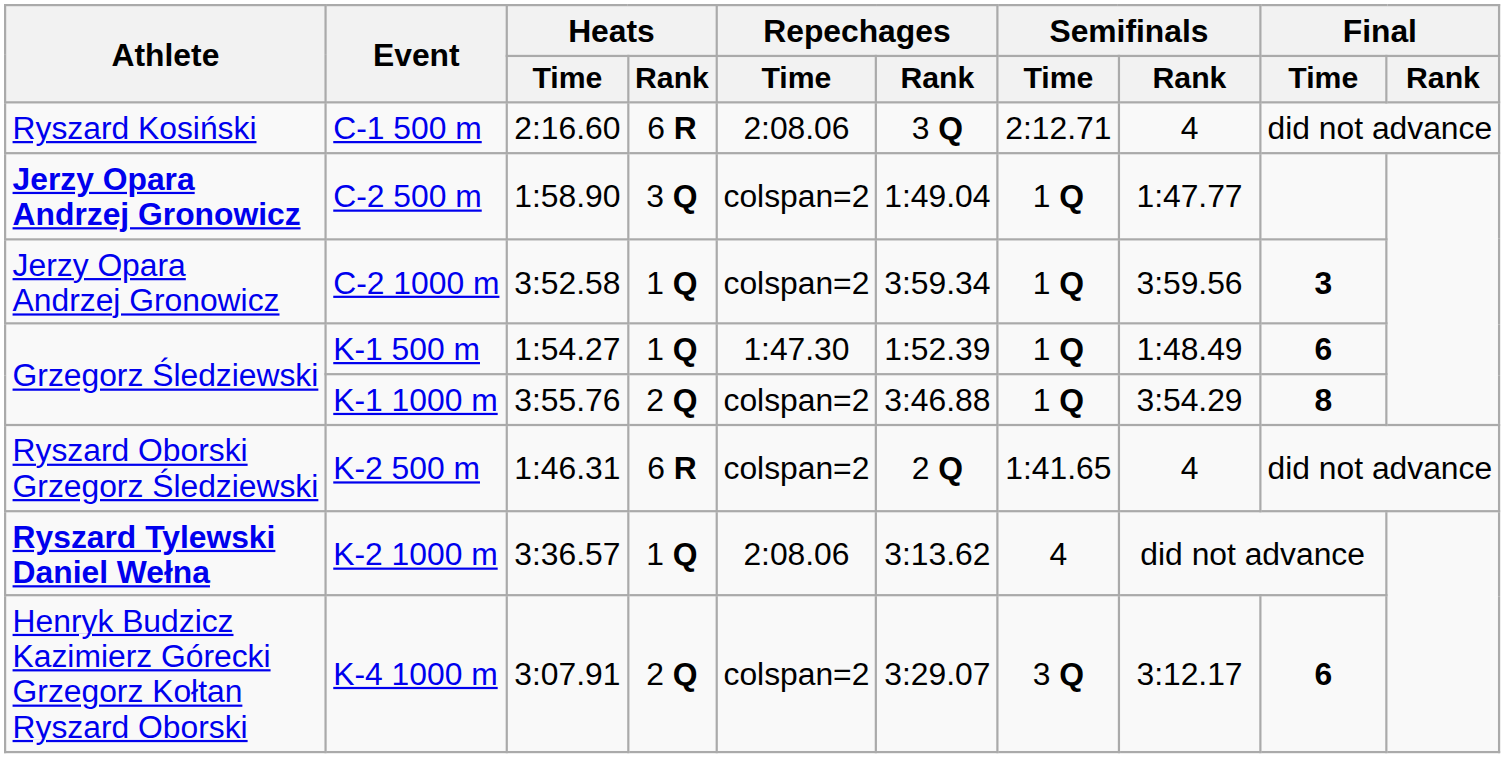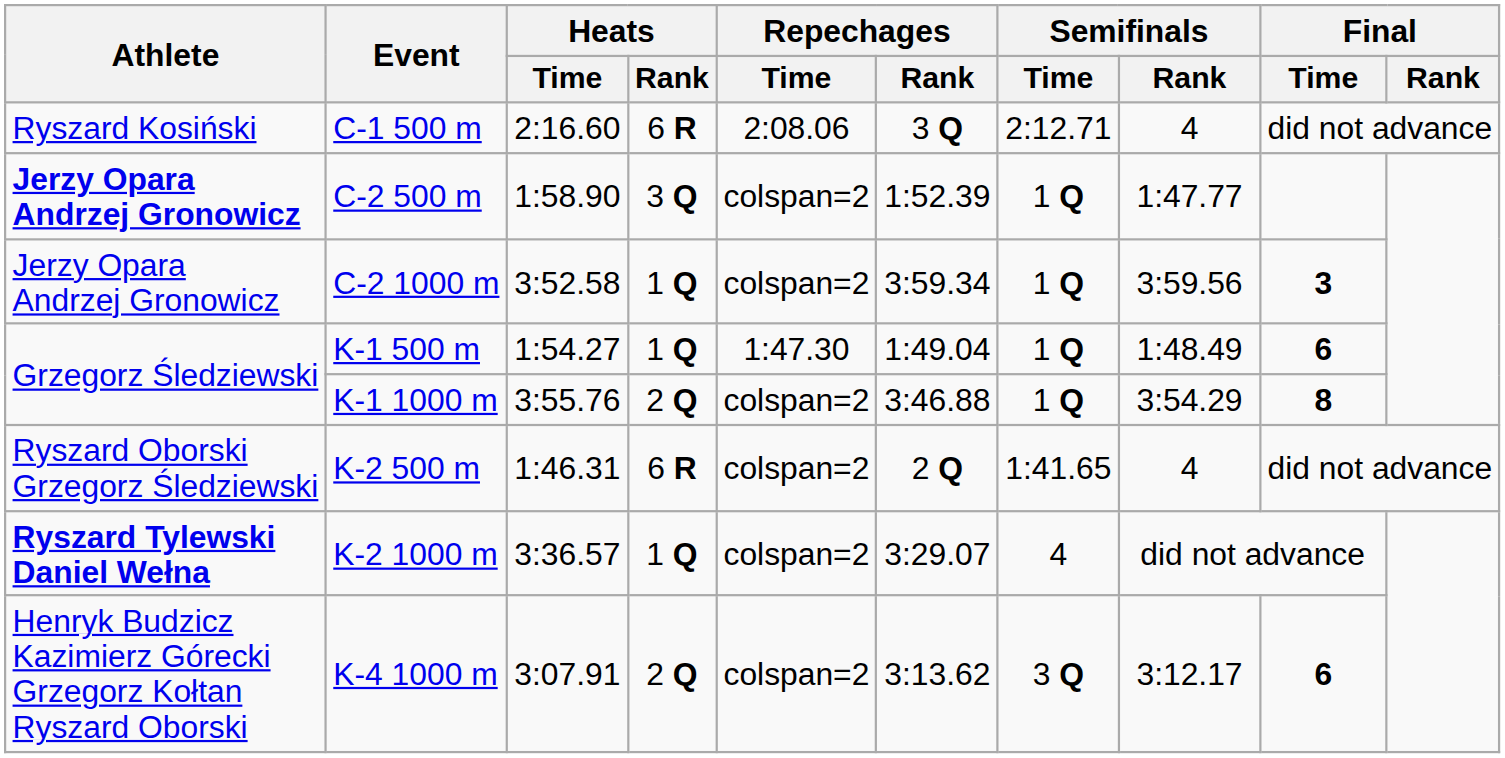 <table class="wikitable" style="font-size:90%">
 <tr>
 <th rowspan=2>Athlete</th>
 <th rowspan=2>Event</th>
 <th colspan=2>Heats</th>
 <th colspan=2>Repechages</th>
 <th colspan=2>Semifinals</th>
 <th colspan=2>Final</th>
 </tr>
 <tr style="font-size:95%">
 <th>Time</th>
 <th>Rank</th>
 <th>Time</th>
 <th>Rank</th>
 <th>Time</th>
 <th>Rank</th>
 <th>Time</th>
 <th>Rank</th>
 </tr>
 <tr align=center>
 <td align=left><a href='#'>Ryszard Kosiński</a></td>
 <td align=left><a href='#'>C-1 500 m</a></td>
 <td>2:16.60</td>
 <td>6 <strong>R</strong></td>
 <td>2:08.06</td>
 <td>3 <strong>Q</strong></td>
 <td>2:12.71</td>
 <td>4</td>
 <td colspan=2>did not advance</td>
 </tr>
 <tr align=center>
 <td align=left><strong><a href='#'>Jerzy Opara</a><br><a href='#'>Andrzej Gronowicz</a></strong></td>
 <td align=left><a href='#'>C-2 500 m</a></td>
 <td>1:58.90</td>
 <td>3 <strong>Q</strong></td>
 <td>colspan=2 </td>
-<td>1:49.04</td>
+<td>1:52.39</td>
 <td>1 <strong>Q</strong></td>
 <td>1:47.77</td>
 <td></td>
 </tr>
 <tr align=center>
 <td align=left><a href='#'>Jerzy Opara</a><br><a href='#'>Andrzej Gronowicz</a></td>
 <td align=left><a href='#'>C-2 1000 m</a></td>
 <td>3:52.58</td>
 <td>1 <strong>Q</strong></td>
 <td>colspan=2 </td>
 <td>3:59.34</td>
 <td>1 <strong>Q</strong></td>
 <td>3:59.56</td>
 <td><strong>3</strong></td>
 </tr>
 <tr align=center>
 <td align=left rowspan=2><a href='#'>Grzegorz Śledziewski</a></td>
 <td align=left><a href='#'>K-1 500 m</a></td>
 <td>1:54.27</td>
 <td>1 <strong>Q</strong></td>
 <td>1:47.30</td>
-<td>1:52.39</td>
+<td>1:49.04</td>
 <td>1 <strong>Q</strong></td>
 <td>1:48.49</td>
 <td><strong>6</strong></td>
 </tr>
 <tr align=center>
 <td align=left><a href='#'>K-1 1000 m</a></td>
 <td>3:55.76</td>
 <td>2 <strong>Q</strong></td>
 <td>colspan=2 </td>
 <td>3:46.88</td>
 <td>1 <strong>Q</strong></td>
 <td>3:54.29</td>
 <td><strong>8</strong></td>
 </tr>
 <tr align=center>
 <td align=left><a href='#'>Ryszard Oborski</a><br><a href='#'>Grzegorz Śledziewski</a></td>
 <td align=left><a href='#'>K-2 500 m</a></td>
 <td>1:46.31</td>
 <td>6 <strong>R</strong></td>
 <td>colspan=2 </td>
 <td>2 <strong>Q</strong></td>
 <td>1:41.65</td>
 <td>4</td>
 <td colspan=2>did not advance</td>
 </tr>
 <tr align=center>
 <td align=left><strong><a href='#'>Ryszard Tylewski</a><br><a href='#'>Daniel Wełna</a></strong></td>
 <td align=left><a href='#'>K-2 1000 m</a></td>
 <td>3:36.57</td>
 <td>1 <strong>Q</strong></td>
-<td>2:08.06</td>
-<td>3:13.62</td>
+<td>colspan=2 </td>
+<td>3:29.07</td>
 <td>4</td>
 <td colspan=2>did not advance</td>
 </tr>
 <tr align=center>
 <td align=left><a href='#'>Henryk Budzicz</a><br><a href='#'>Kazimierz Górecki</a><br><a href='#'>Grzegorz Kołtan</a><br><a href='#'>Ryszard Oborski</a></td>
 <td align=left><a href='#'>K-4 1000 m</a></td>
 <td>3:07.91</td>
 <td>2 <strong>Q</strong></td>
 <td>colspan=2 </td>
-<td>3:29.07</td>
+<td>3:13.62</td>
 <td>3 <strong>Q</strong></td>
 <td>3:12.17</td>
 <td><strong>6</strong></td>
 </tr>
 </table>
